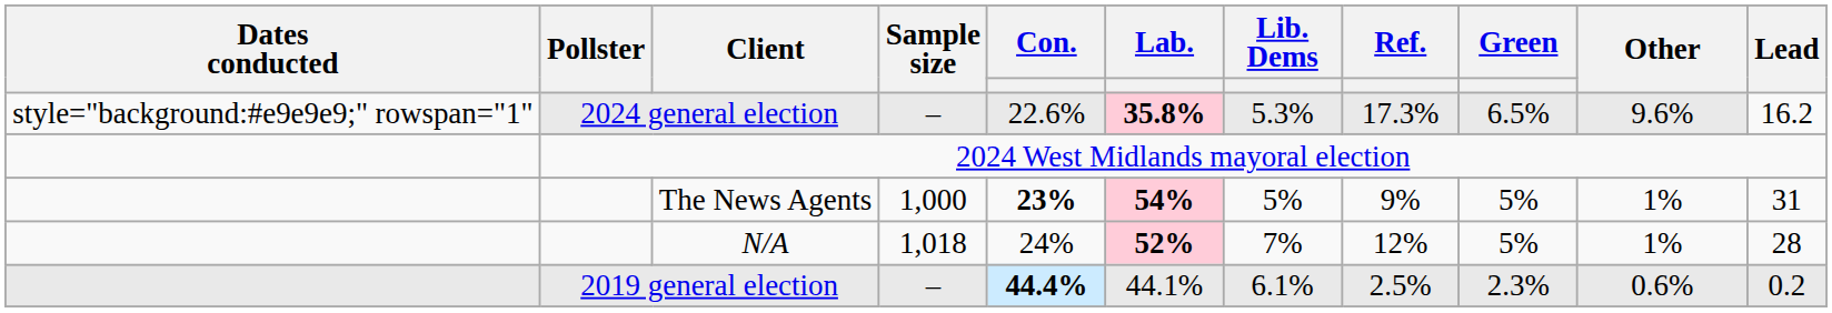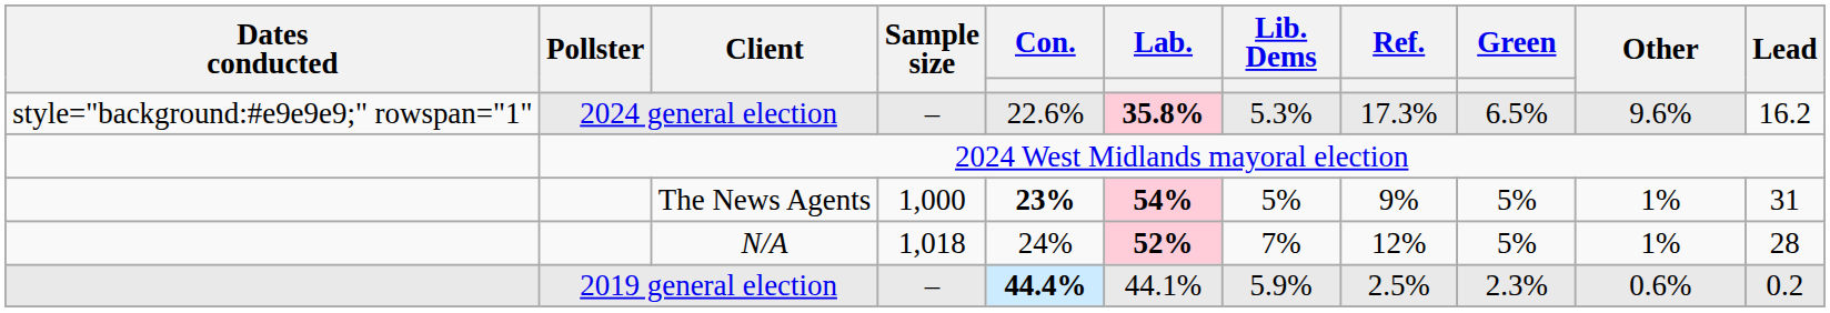 <table class="wikitable sortable mw-datatable" style="text-align:center; font-size:90%; line-height:14px;">
 <tr>
 <th rowspan="2">Dates<br>conducted</th>
 <th rowspan="2">Pollster</th>
 <th rowspan="2">Client</th>
 <th data-sort-type="number" rowspan="2">Sample <br>size</th>
 <th class="unsortable" style="width:50px;"><a href='#'>Con.</a></th>
 <th class="unsortable" style="width:50px;"><a href='#'>Lab.</a></th>
 <th class="unsortable" style="width:50px;"><a href='#'>Lib. Dems</a></th>
 <th class="unsortable" style="width:50px;"><a href='#'>Ref.</a></th>
 <th class="unsortable" style="width:50px;"><a href='#'>Green</a></th>
 <th class="unsortable" rowspan="2" style="width:75px;">Other</th>
 <th data-sort-type="number" rowspan="2">Lead</th>
 </tr>
 <tr>
 <th data-sort-type="number" style="background:"></th>
 <th data-sort-type="number" style="background:"></th>
 <th data-sort-type="number" style="background:"></th>
 <th data-sort-type="number" style="background:"></th>
 <th data-sort-type="number" style="background:"></th>
 </tr>
 <tr>
 <td>style="background:#e9e9e9;" rowspan="1" </td>
 <td style="background:#e9e9e9;" colspan="2"><a href='#'>2024 general election</a></td>
 <td style="background:#e9e9e9;">–</td>
 <td style="background:#e9e9e9;">22.6%</td>
 <td style="background:#ffccd9;"><strong>35.8%</strong></td>
 <td style="background:#e9e9e9;">5.3%</td>
 <td style="background:#e9e9e9;">17.3%</td>
 <td style="background:#e9e9e9;">6.5%</td>
 <td style="background:#e9e9e9;">9.6%</td>
 <td style="background:">16.2</td>
 </tr>
 <tr>
 <td></td>
 <td colspan="10"><a href='#'>2024 West Midlands mayoral election</a></td>
 </tr>
 <tr>
 <td></td>
 <td></td>
 <td>The News Agents</td>
 <td>1,000</td>
 <td><strong>23%</strong></td>
 <td style="background:#FFCCD9;"><strong>54%</strong></td>
 <td>5%</td>
 <td>9%</td>
 <td>5%</td>
 <td>1%</td>
 <td style="background:">31</td>
 </tr>
 <tr>
 <td></td>
 <td></td>
 <td><em>N/A</em></td>
 <td>1,018</td>
 <td>24%</td>
 <td style="background:#FFCCD9;"><strong>52%</strong></td>
 <td>7%</td>
 <td>12%</td>
 <td>5%</td>
 <td>1%</td>
 <td style="background:">28</td>
 </tr>
 <tr style="background:#e9e9e9;">
 <td></td>
 <td colspan="2"><a href='#'>2019 general election</a></td>
 <td>–</td>
 <td style="background:#CCEBFF;"><strong>44.4%</strong></td>
 <td>44.1%</td>
-<td>6.1%</td>
+<td>5.9%</td>
 <td>2.5%</td>
 <td>2.3%</td>
 <td>0.6%</td>
 <td style="background:">0.2</td>
 </tr>
 </table>
